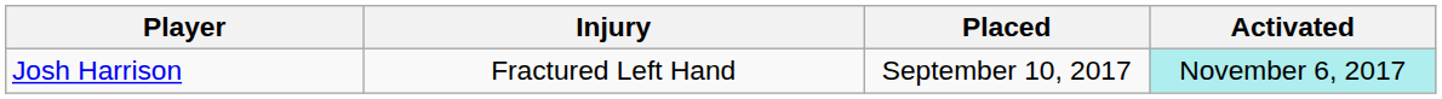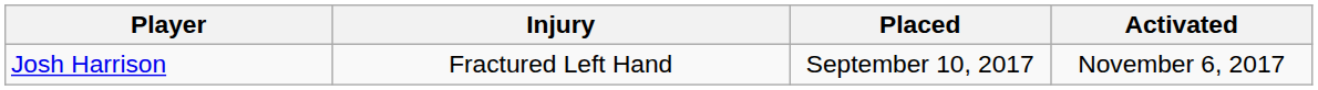 <table class="wikitable" style="width:52em; border:0; text-align:center;">
 <tr>
 <th width=25%>Player</th>
 <th width=35% class=unsortable>Injury</th>
 <th width=20% class=unsortable>Placed</th>
 <th width=20% class=unsortable>Activated</th>
 </tr>
 <tr>
 <td align=left><a href='#'>Josh Harrison</a></td>
 <td>Fractured Left Hand</td>
 <td>September 10, 2017</td>
-<td style="background: paleturquoise;">November 6, 2017</td>
+<td>November 6, 2017</td>
 </tr>
 <tr>
 </tr>
 </table>
